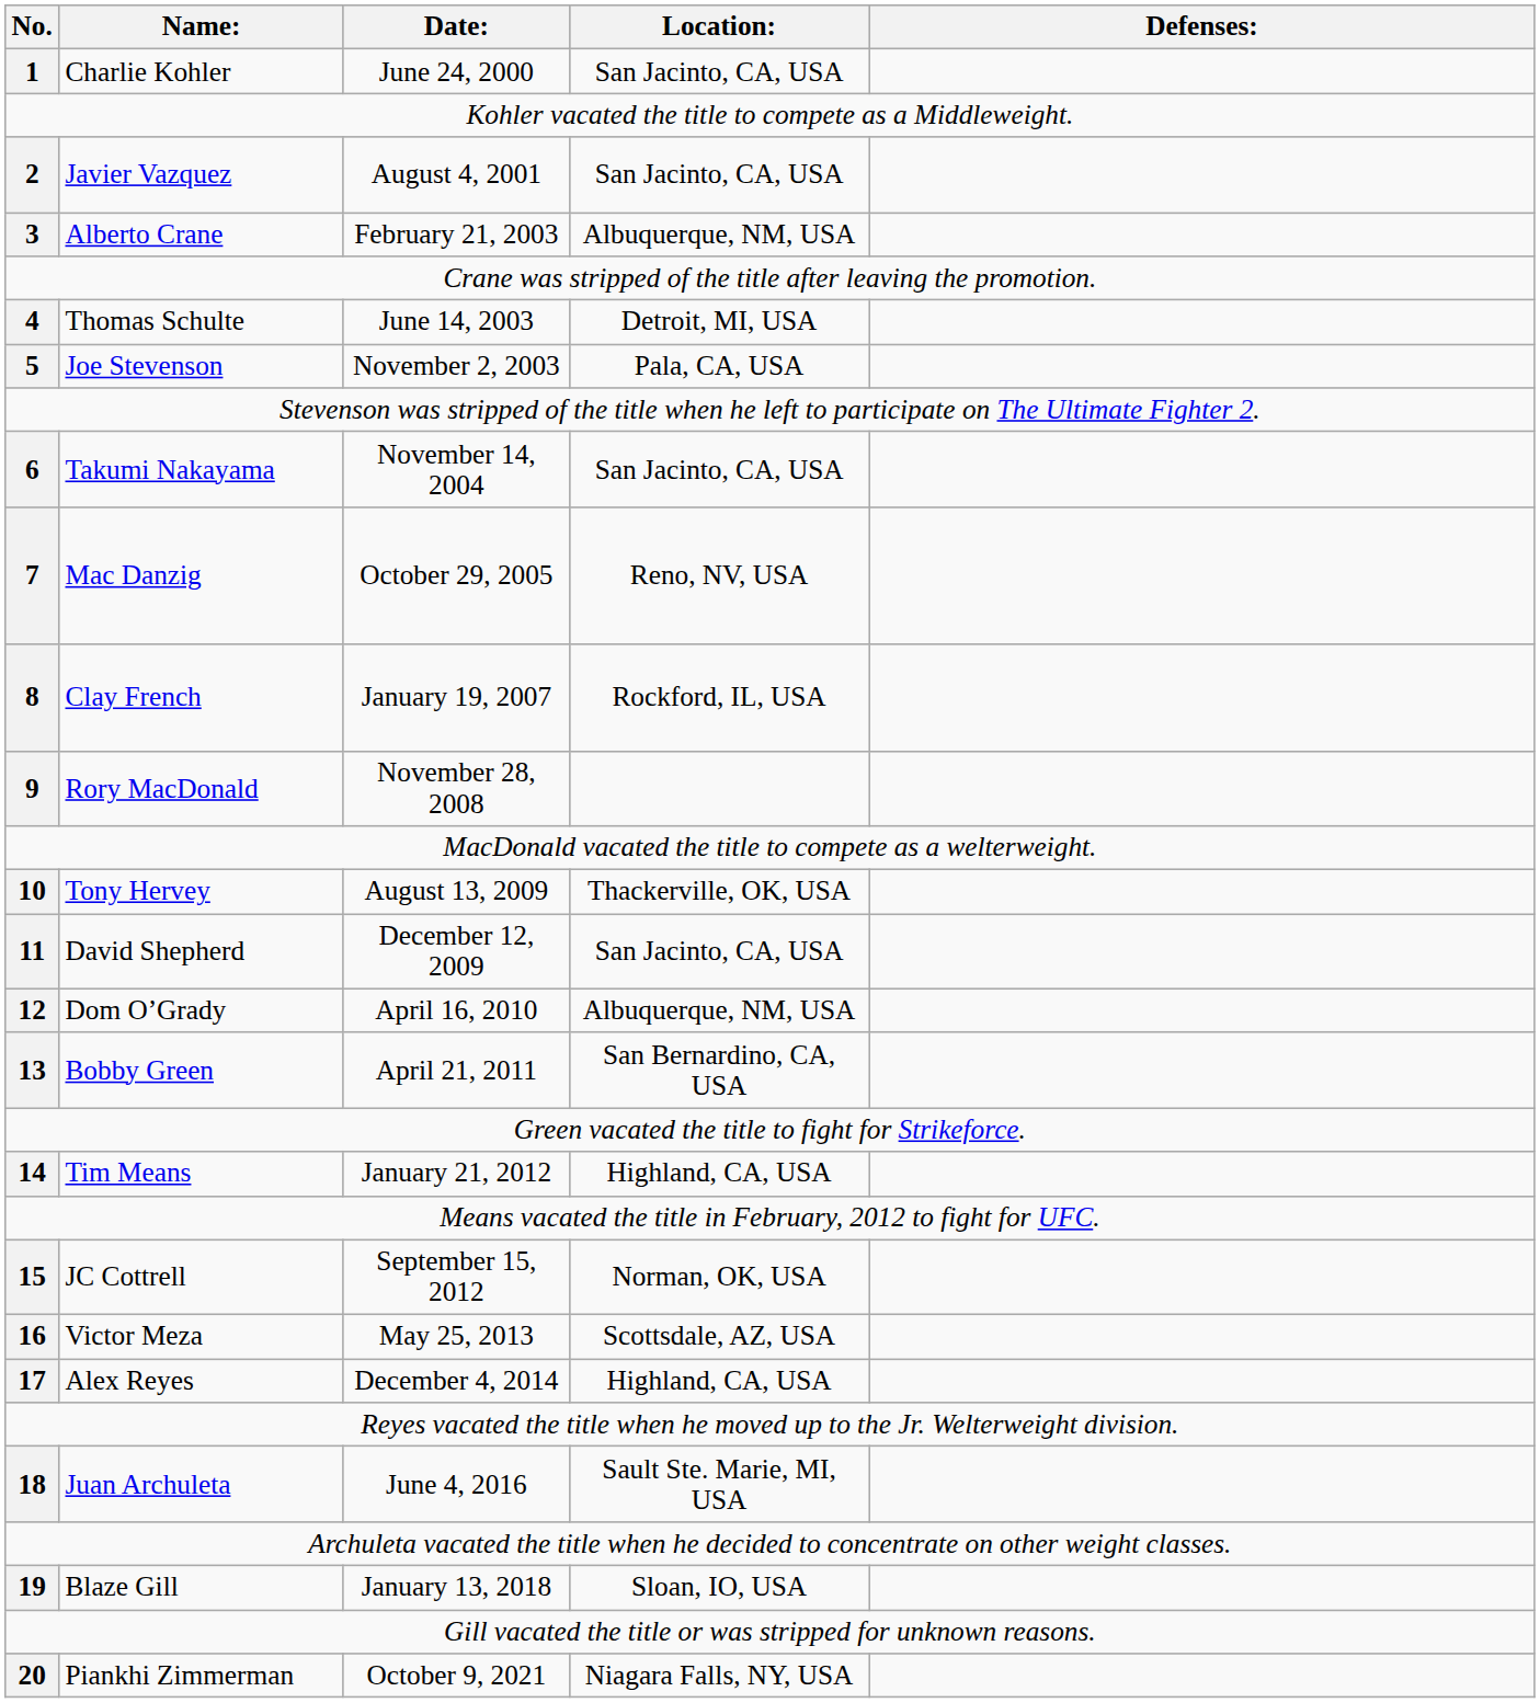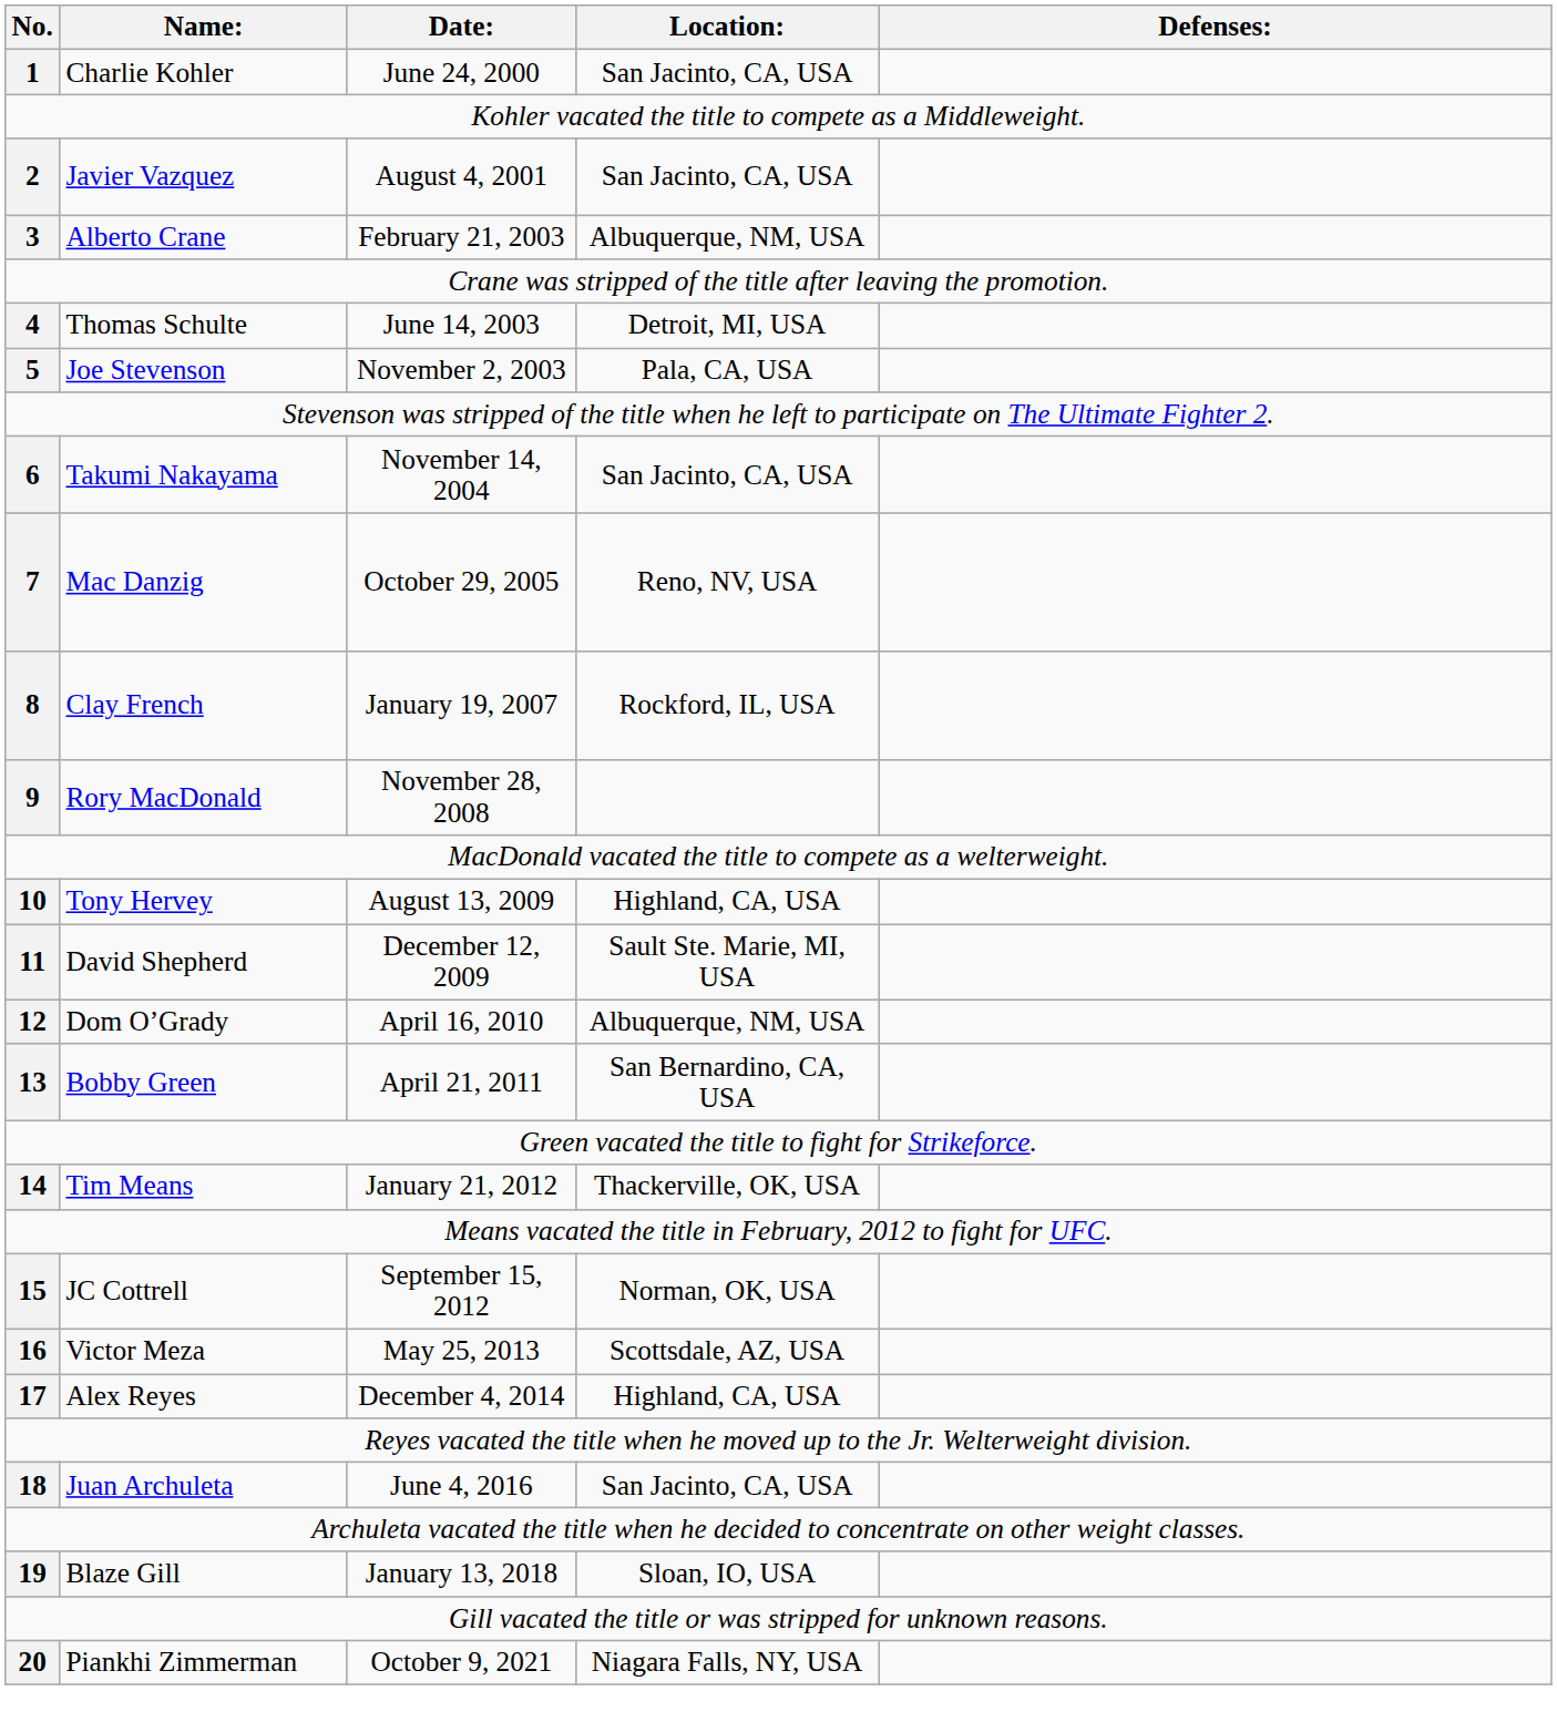 <table class="wikitable" width=100%>
 <tr>
 <th width=1%>No.</th>
 <th width=19%>Name:</th>
 <th width=15%>Date:</th>
 <th width=20%>Location:</th>
 <th width=45%>Defenses:</th>
 </tr>
 <tr>
 <th>1</th>
 <td align=left> Charlie Kohler<br></td>
 <td align=center>June 24, 2000<br></td>
 <td align=center>San Jacinto, CA, USA</td>
 <td></td>
 </tr>
 <tr>
 <td align="center" colspan="5"><em>Kohler vacated the title to compete as a Middleweight.</em></td>
 </tr>
 <tr>
 <th>2</th>
 <td align=left> <a href='#'>Javier Vazquez</a><br></td>
 <td align=center>August 4, 2001<br></td>
 <td align=center>San Jacinto, CA, USA</td>
 <td><br><br> </td>
 </tr>
 <tr>
 <th>3</th>
 <td align=left> <a href='#'>Alberto Crane</a></td>
 <td align=center>February 21, 2003<br></td>
 <td align=center>Albuquerque, NM, USA</td>
 <td></td>
 </tr>
 <tr>
 <td align="center" colspan="5"><em>Crane was stripped of the title after leaving the promotion.</em></td>
 </tr>
 <tr>
 <th>4</th>
 <td align=left> Thomas Schulte<br></td>
 <td align=center>June 14, 2003<br></td>
 <td align=center>Detroit, MI, USA</td>
 <td></td>
 </tr>
 <tr>
 <th>5</th>
 <td align=left> <a href='#'>Joe Stevenson</a></td>
 <td align=center>November 2, 2003<br></td>
 <td align=center>Pala, CA, USA</td>
 <td></td>
 </tr>
 <tr>
 <td align="center" colspan="5"><em>Stevenson was stripped of the title when he left to participate on <a href='#'>The Ultimate Fighter 2</a>.</em></td>
 </tr>
 <tr>
 <th>6</th>
 <td align=left> <a href='#'>Takumi Nakayama</a><br></td>
 <td align=center>November 14, 2004<br></td>
 <td align=center>San Jacinto, CA, USA</td>
 <td></td>
 </tr>
 <tr>
 <th>7</th>
 <td align=left> <a href='#'>Mac Danzig</a><br></td>
 <td align=center>October 29, 2005<br></td>
 <td align=center>Reno, NV, USA</td>
 <td><br><br> <br> <br> </td>
 </tr>
 <tr>
 <th>8</th>
 <td align=left> <a href='#'>Clay French</a><br></td>
 <td align=center>January 19, 2007<br></td>
 <td align=center>Rockford, IL, USA</td>
 <td><br><br> <br> </td>
 </tr>
 <tr>
 <th>9</th>
 <td align=left> <a href='#'>Rory MacDonald</a></td>
 <td align=center>November 28, 2008<br></td>
 <td></td>
 <td></td>
 </tr>
 <tr>
 <td align="center" colspan="5"><em>MacDonald vacated the title to compete as a welterweight.</em></td>
 </tr>
 <tr>
 <th>10</th>
 <td align=left> <a href='#'>Tony Hervey</a><br></td>
 <td align=center>August 13, 2009<br></td>
-<td align=center>Thackerville, OK, USA</td>
+<td align=center>Highland, CA, USA</td>
 <td></td>
 </tr>
 <tr>
 <th>11</th>
 <td align=left> David Shepherd</td>
 <td align=center>December 12, 2009<br></td>
-<td align=center>San Jacinto, CA, USA</td>
+<td align=center>Sault Ste. Marie, MI, USA</td>
 <td></td>
 </tr>
 <tr>
 <th>12</th>
 <td align=left> Dom O’Grady</td>
 <td align=center>April 16, 2010<br></td>
 <td align=center>Albuquerque, NM, USA</td>
 <td></td>
 </tr>
 <tr>
 <th>13</th>
 <td align=left> <a href='#'>Bobby Green</a></td>
 <td align=center>April 21, 2011<br></td>
 <td align=center>San Bernardino, CA, USA</td>
 <td></td>
 </tr>
 <tr>
 <td align="center" colspan="5"><em>Green vacated the title to fight for <a href='#'>Strikeforce</a>.</em></td>
 </tr>
 <tr>
 <th>14</th>
 <td align=left> <a href='#'>Tim Means</a><br></td>
 <td align=center>January 21, 2012<br></td>
-<td align=center>Highland, CA, USA</td>
+<td align=center>Thackerville, OK, USA</td>
 <td></td>
 </tr>
 <tr>
 <td align="center" colspan="5"><em>Means vacated the title in February, 2012 to fight for <a href='#'>UFC</a>.</em></td>
 </tr>
 <tr>
 <th>15</th>
 <td align=left> JC Cottrell<br></td>
 <td align=center>September 15, 2012<br></td>
 <td align=center>Norman, OK, USA</td>
 <td></td>
 </tr>
 <tr>
 <th>16</th>
 <td align=left> Victor Meza</td>
 <td align=center>May 25, 2013<br></td>
 <td align=center>Scottsdale, AZ, USA</td>
 <td><br></td>
 </tr>
 <tr>
 <th>17</th>
 <td align=left> Alex Reyes</td>
 <td align=center>December 4, 2014<br></td>
 <td align=center>Highland, CA, USA</td>
 <td><br></td>
 </tr>
 <tr>
 <td align="center" colspan="5"><em>Reyes vacated the title when he moved up to the Jr. Welterweight division.</em></td>
 </tr>
 <tr>
 <th>18</th>
 <td align=left> <a href='#'>Juan Archuleta</a><br></td>
 <td align=center>June 4, 2016<br></td>
-<td align=center>Sault Ste. Marie, MI, USA</td>
+<td align=center>San Jacinto, CA, USA</td>
 <td></td>
 </tr>
 <tr>
 <td align="center" colspan="5"><em>Archuleta vacated the title when he decided to concentrate on other weight classes.</em></td>
 </tr>
 <tr>
 <th>19</th>
 <td align=left> Blaze Gill<br></td>
 <td align=center>January 13, 2018<br></td>
 <td align=center>Sloan, IO, USA</td>
 <td></td>
 </tr>
 <tr>
 <td align="center" colspan="5"><em>Gill vacated the title or was stripped for unknown reasons.</em></td>
 </tr>
 <tr>
 <th>20</th>
 <td align=left> Piankhi Zimmerman<br></td>
 <td align=center>October 9, 2021<br></td>
 <td align=center>Niagara Falls, NY, USA</td>
 <td></td>
 </tr>
 </table>
